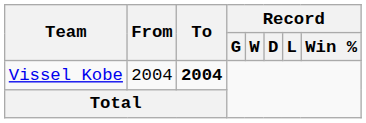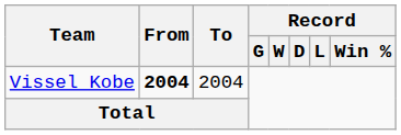 <table class="wikitable" style="text-align: center">
 <tr>
 <th rowspan="2">Team</th>
 <th rowspan="2">From</th>
 <th rowspan="2">To</th>
 <th colspan="5">Record</th>
 </tr>
 <tr>
 <th>G</th>
 <th>W</th>
 <th>D</th>
 <th>L</th>
 <th>Win %</th>
 </tr>
 <tr>
 <td align="left"><a href='#'>Vissel Kobe</a></td>
-<td align="left">2004</td>
-<td align="left"><strong>2004<br></strong></td>
+<td align="left"><strong>2004</strong></td>
+<td align="left">2004<br></td>
 </tr>
 <tr>
 <th colspan="3">Total<br></th>
 </tr>
 </table>
